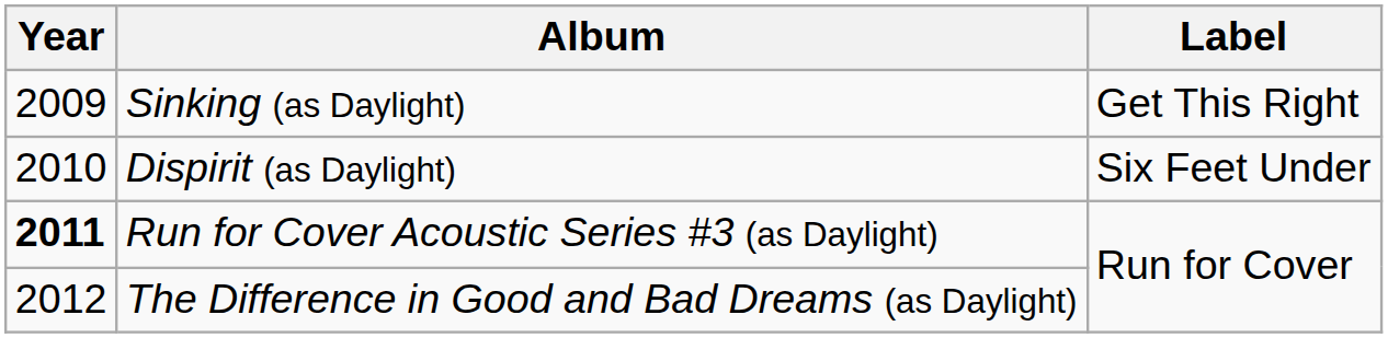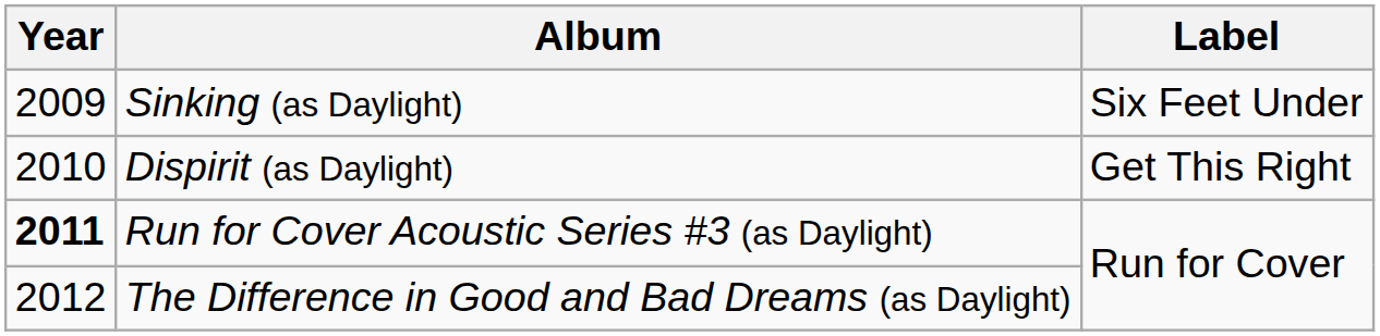 <table class="wikitable">
 <tr>
 <th>Year</th>
 <th>Album</th>
 <th>Label</th>
 </tr>
 <tr>
 <td>2009</td>
 <td><em>Sinking</em> <small>(as Daylight)</small></td>
-<td>Get This Right</td>
+<td>Six Feet Under</td>
 </tr>
 <tr>
 <td>2010</td>
 <td><em>Dispirit</em> <small>(as Daylight)</small></td>
-<td>Six Feet Under</td>
+<td>Get This Right</td>
 </tr>
 <tr>
 <td><strong>2011</strong></td>
 <td><em>Run for Cover Acoustic Series #3</em> <small>(as Daylight)</small></td>
 <td rowspan=2>Run for Cover</td>
 </tr>
 <tr>
 <td>2012</td>
 <td><em>The Difference in Good and Bad Dreams</em> <small>(as Daylight)</small></td>
 </tr>
 </table>
